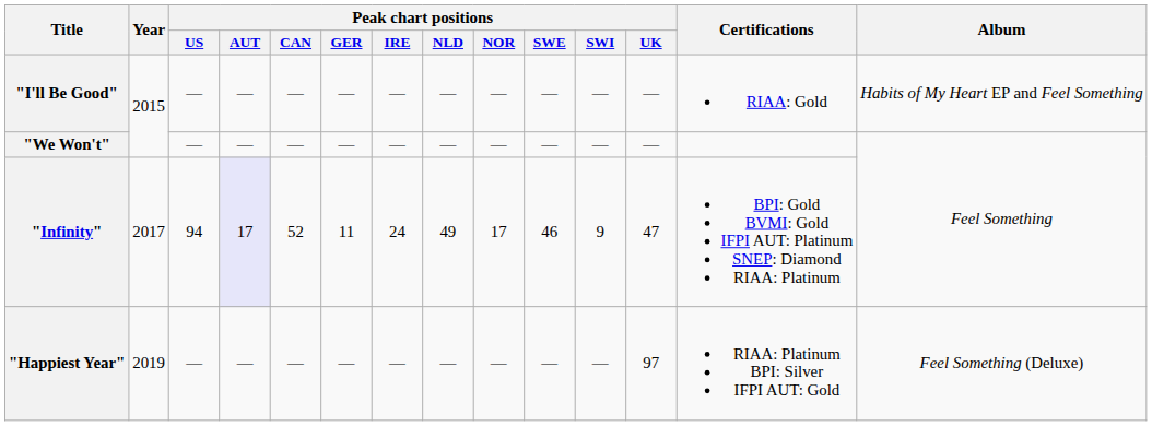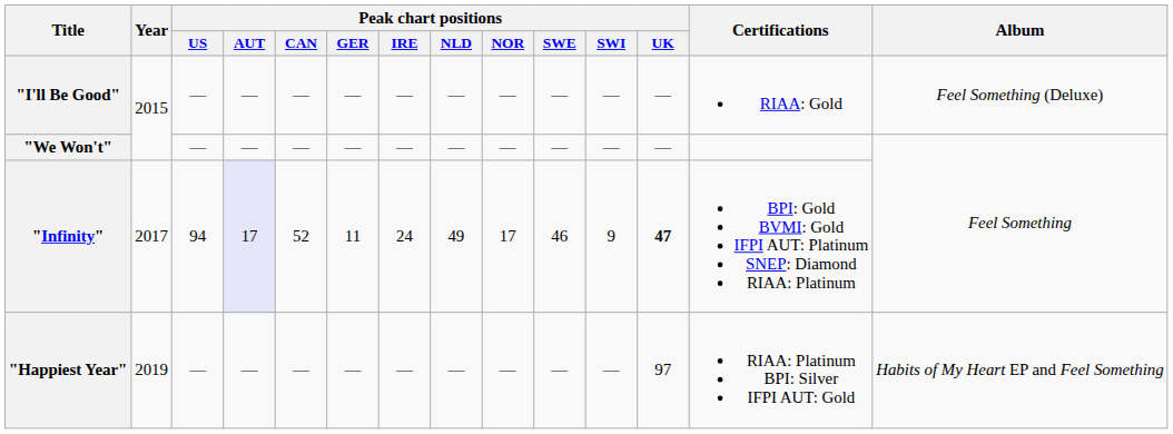 <table class="wikitable plainrowheaders" style="text-align:center;">
 <tr>
 <th scope="col" rowspan="2">Title</th>
 <th scope="col" rowspan="2">Year</th>
 <th scope="col" colspan="10">Peak chart positions</th>
 <th scope="col" rowspan="2">Certifications</th>
 <th scope="col" rowspan="2">Album</th>
 </tr>
 <tr>
 <th scope="col" style="width:3em;font-size:90%;"><a href='#'>US</a><br></th>
 <th scope="col" style="width:3em;font-size:90%;"><a href='#'>AUT</a><br></th>
 <th scope="col" style="width:3em;font-size:90%;"><a href='#'>CAN</a><br></th>
 <th scope="col" style="width:3em;font-size:90%;"><a href='#'>GER</a><br></th>
 <th scope="col" style="width:3em;font-size:90%;"><a href='#'>IRE</a><br></th>
 <th scope="col" style="width:3em;font-size:90%;"><a href='#'>NLD</a><br></th>
 <th scope="col" style="width:3em;font-size:90%;"><a href='#'>NOR</a><br></th>
 <th scope="col" style="width:3em;font-size:90%;"><a href='#'>SWE</a><br></th>
 <th scope="col" style="width:3em;font-size:90%;"><a href='#'>SWI</a><br></th>
 <th scope="col" style="width:3em;font-size:90%;"><a href='#'>UK</a><br></th>
 </tr>
 <tr>
 <th scope="row">"I'll Be Good"</th>
 <td rowspan="2">2015</td>
 <td>—</td>
 <td>—</td>
 <td>—</td>
 <td>—</td>
 <td>—</td>
 <td>—</td>
 <td>—</td>
 <td>—</td>
 <td>—</td>
 <td>—</td>
 <td><br><ul><li><a href='#'>RIAA</a>: Gold</li></ul></td>
-<td><em>Habits of My Heart</em> EP and <em>Feel Something</em></td>
+<td><em>Feel Something</em> (Deluxe)</td>
 </tr>
 <tr>
 <th scope="row">"We Won't"<br></th>
 <td>—</td>
 <td>—</td>
 <td>—</td>
 <td>—</td>
 <td>—</td>
 <td>—</td>
 <td>—</td>
 <td>—</td>
 <td>—</td>
 <td>—</td>
 <td></td>
 <td rowspan="2"><em>Feel Something</em></td>
 </tr>
 <tr>
 <th scope="row">"<a href='#'>Infinity</a>"</th>
 <td>2017</td>
 <td>94</td>
 <td style="background: lavender;">17</td>
 <td>52</td>
 <td>11</td>
 <td>24</td>
 <td>49</td>
 <td>17</td>
 <td>46</td>
 <td>9</td>
-<td>47</td>
+<td><strong>47</strong></td>
 <td><br><ul><li><a href='#'>BPI</a>: Gold</li><li><a href='#'>BVMI</a>: Gold</li><li><a href='#'>IFPI</a> AUT: Platinum</li><li><a href='#'>SNEP</a>: Diamond</li><li>RIAA: Platinum</li></ul></td>
 </tr>
 <tr>
 <th scope="row">"Happiest Year"</th>
 <td>2019</td>
 <td>—</td>
 <td>—</td>
 <td>—</td>
 <td>—</td>
 <td>—</td>
 <td>—</td>
 <td>—</td>
 <td>—</td>
 <td>—</td>
 <td>97</td>
 <td><br><ul><li>RIAA: Platinum</li><li>BPI: Silver</li><li>IFPI AUT: Gold</li></ul></td>
-<td><em>Feel Something</em> (Deluxe)</td>
+<td><em>Habits of My Heart</em> EP and <em>Feel Something</em></td>
 </tr>
 </table>
